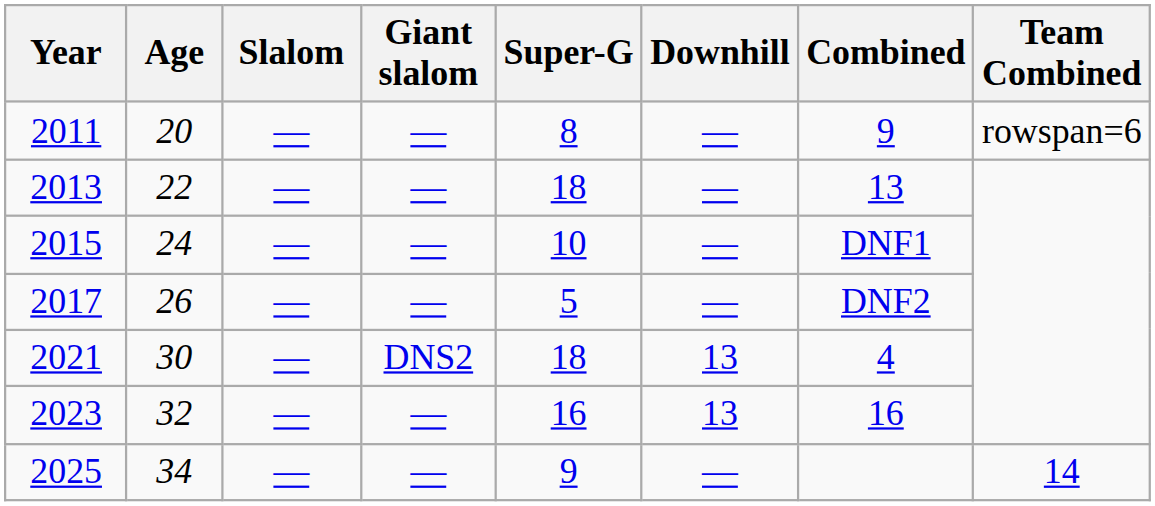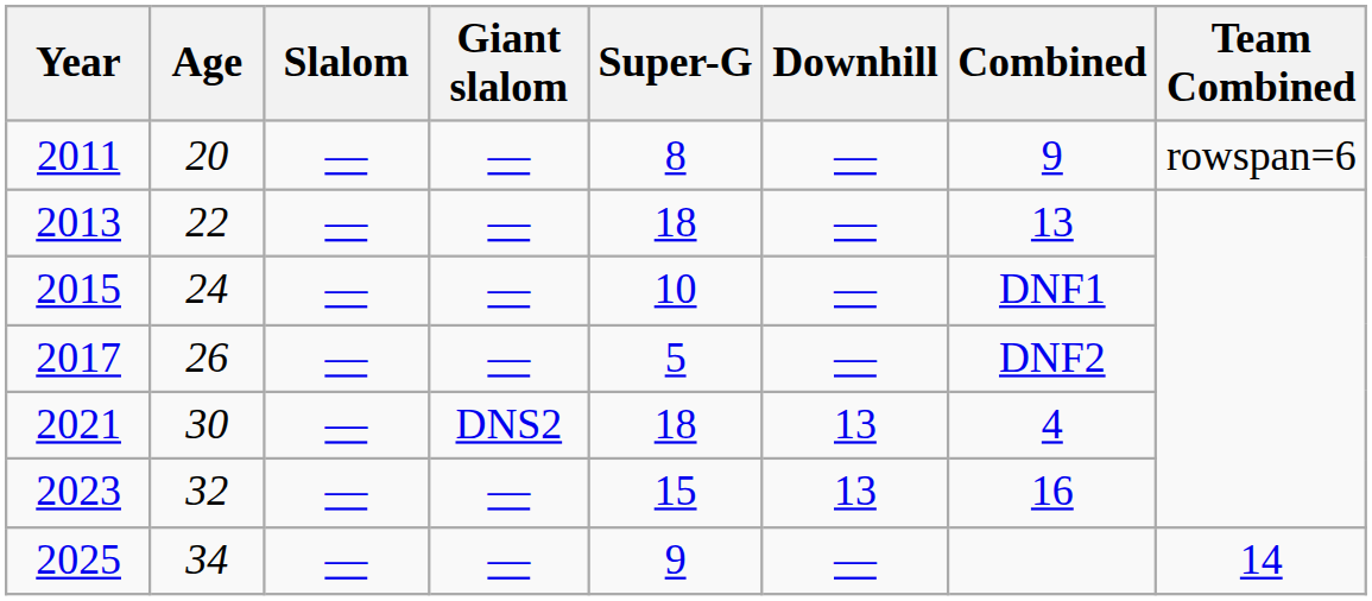 <table class=wikitable style="text-align:center">
 <tr>
 <th>  Year  </th>
 <th> Age </th>
 <th> Slalom </th>
 <th> Giant <br> slalom </th>
 <th>Super-G</th>
 <th>Downhill</th>
 <th>Combined</th>
 <th>Team<br>Combined</th>
 </tr>
 <tr>
 <td><a href='#'>2011</a></td>
 <td><em>20</em></td>
 <td><a href='#'>—</a></td>
 <td><a href='#'>—</a></td>
 <td><a href='#'>8</a></td>
 <td><a href='#'>—</a></td>
 <td><a href='#'>9</a></td>
 <td>rowspan=6</td>
 </tr>
 <tr>
 <td><a href='#'>2013</a></td>
 <td><em>22</em></td>
 <td><a href='#'>—</a></td>
 <td><a href='#'>—</a></td>
 <td><a href='#'>18</a></td>
 <td><a href='#'>—</a></td>
 <td><a href='#'>13</a></td>
 </tr>
 <tr>
 <td><a href='#'>2015</a></td>
 <td><em>24</em></td>
 <td><a href='#'>—</a></td>
 <td><a href='#'>—</a></td>
 <td><a href='#'>10</a></td>
 <td><a href='#'>—</a></td>
 <td><a href='#'>DNF1</a></td>
 </tr>
 <tr>
 <td><a href='#'>2017</a></td>
 <td><em>26</em></td>
 <td><a href='#'>—</a></td>
 <td><a href='#'>—</a></td>
 <td><a href='#'>5</a></td>
 <td><a href='#'>—</a></td>
 <td><a href='#'>DNF2</a></td>
 </tr>
 <tr>
 <td><a href='#'>2021</a></td>
 <td><em>30</em></td>
 <td><a href='#'>—</a></td>
 <td><a href='#'>DNS2</a></td>
 <td><a href='#'>18</a></td>
 <td><a href='#'>13</a></td>
 <td><a href='#'>4</a></td>
 </tr>
 <tr>
 <td><a href='#'>2023</a></td>
 <td><em>32</em></td>
 <td><a href='#'>—</a></td>
 <td><a href='#'>—</a></td>
-<td><a href='#'>16</a></td>
+<td><a href='#'>15</a></td>
 <td><a href='#'>13</a></td>
 <td><a href='#'>16</a></td>
 </tr>
 <tr>
 <td><a href='#'>2025</a></td>
 <td><em>34</em></td>
 <td><a href='#'>—</a></td>
 <td><a href='#'>—</a></td>
 <td><a href='#'>9</a></td>
 <td><a href='#'>—</a></td>
 <td></td>
 <td><a href='#'>14</a></td>
 </tr>
 </table>
